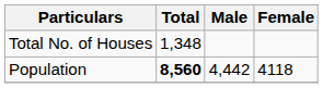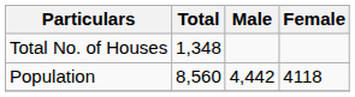 <table class="wikitable sortable">
 <tr>
 <th>Particulars</th>
 <th>Total</th>
 <th>Male</th>
 <th>Female</th>
 </tr>
 <tr>
 <td>Total No. of Houses</td>
 <td>1,348</td>
 <td></td>
 <td></td>
 </tr>
 <tr>
 <td>Population</td>
-<td><strong>8,560</strong></td>
+<td>8,560</td>
 <td>4,442</td>
 <td>4118</td>
 </tr>
 <tr>
 </tr>
 </table>
